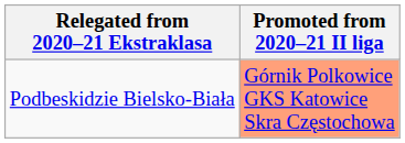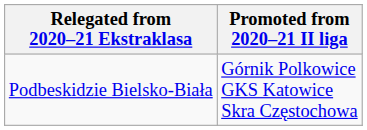 <table class="wikitable">
 <tr>
 <th>Relegated from<br><a href='#'>2020–21 Ekstraklasa</a></th>
 <th>Promoted from<br><a href='#'>2020–21 II liga</a></th>
 </tr>
 <tr>
 <td> <a href='#'>Podbeskidzie Bielsko-Biała</a></td>
-<td style="background: lightsalmon;"> <a href='#'>Górnik Polkowice</a><br> <a href='#'>GKS Katowice</a><br> <a href='#'>Skra Częstochowa</a></td>
+<td> <a href='#'>Górnik Polkowice</a><br> <a href='#'>GKS Katowice</a><br> <a href='#'>Skra Częstochowa</a></td>
 </tr>
 </table>
